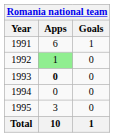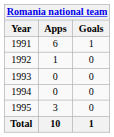 <table class="wikitable" style="text-align:center">
 <tr>
 <th colspan=3><a href='#'>Romania national team</a></th>
 </tr>
 <tr>
 <th>Year</th>
 <th>Apps</th>
 <th>Goals</th>
 </tr>
 <tr>
 <td>1991</td>
 <td>6</td>
 <td>1</td>
 </tr>
 <tr>
 <td>1992</td>
-<td style="background: lightgreen;">1</td>
+<td>1</td>
 <td>0</td>
 </tr>
 <tr>
 <td>1993</td>
-<td><strong>0</strong></td>
+<td>0</td>
 <td>0</td>
 </tr>
 <tr>
 <td>1994</td>
 <td>0</td>
 <td>0</td>
 </tr>
 <tr>
 <td>1995</td>
 <td>3</td>
 <td>0</td>
 </tr>
 <tr>
 <th>Total</th>
 <th>10</th>
 <th>1</th>
 </tr>
 </table>
